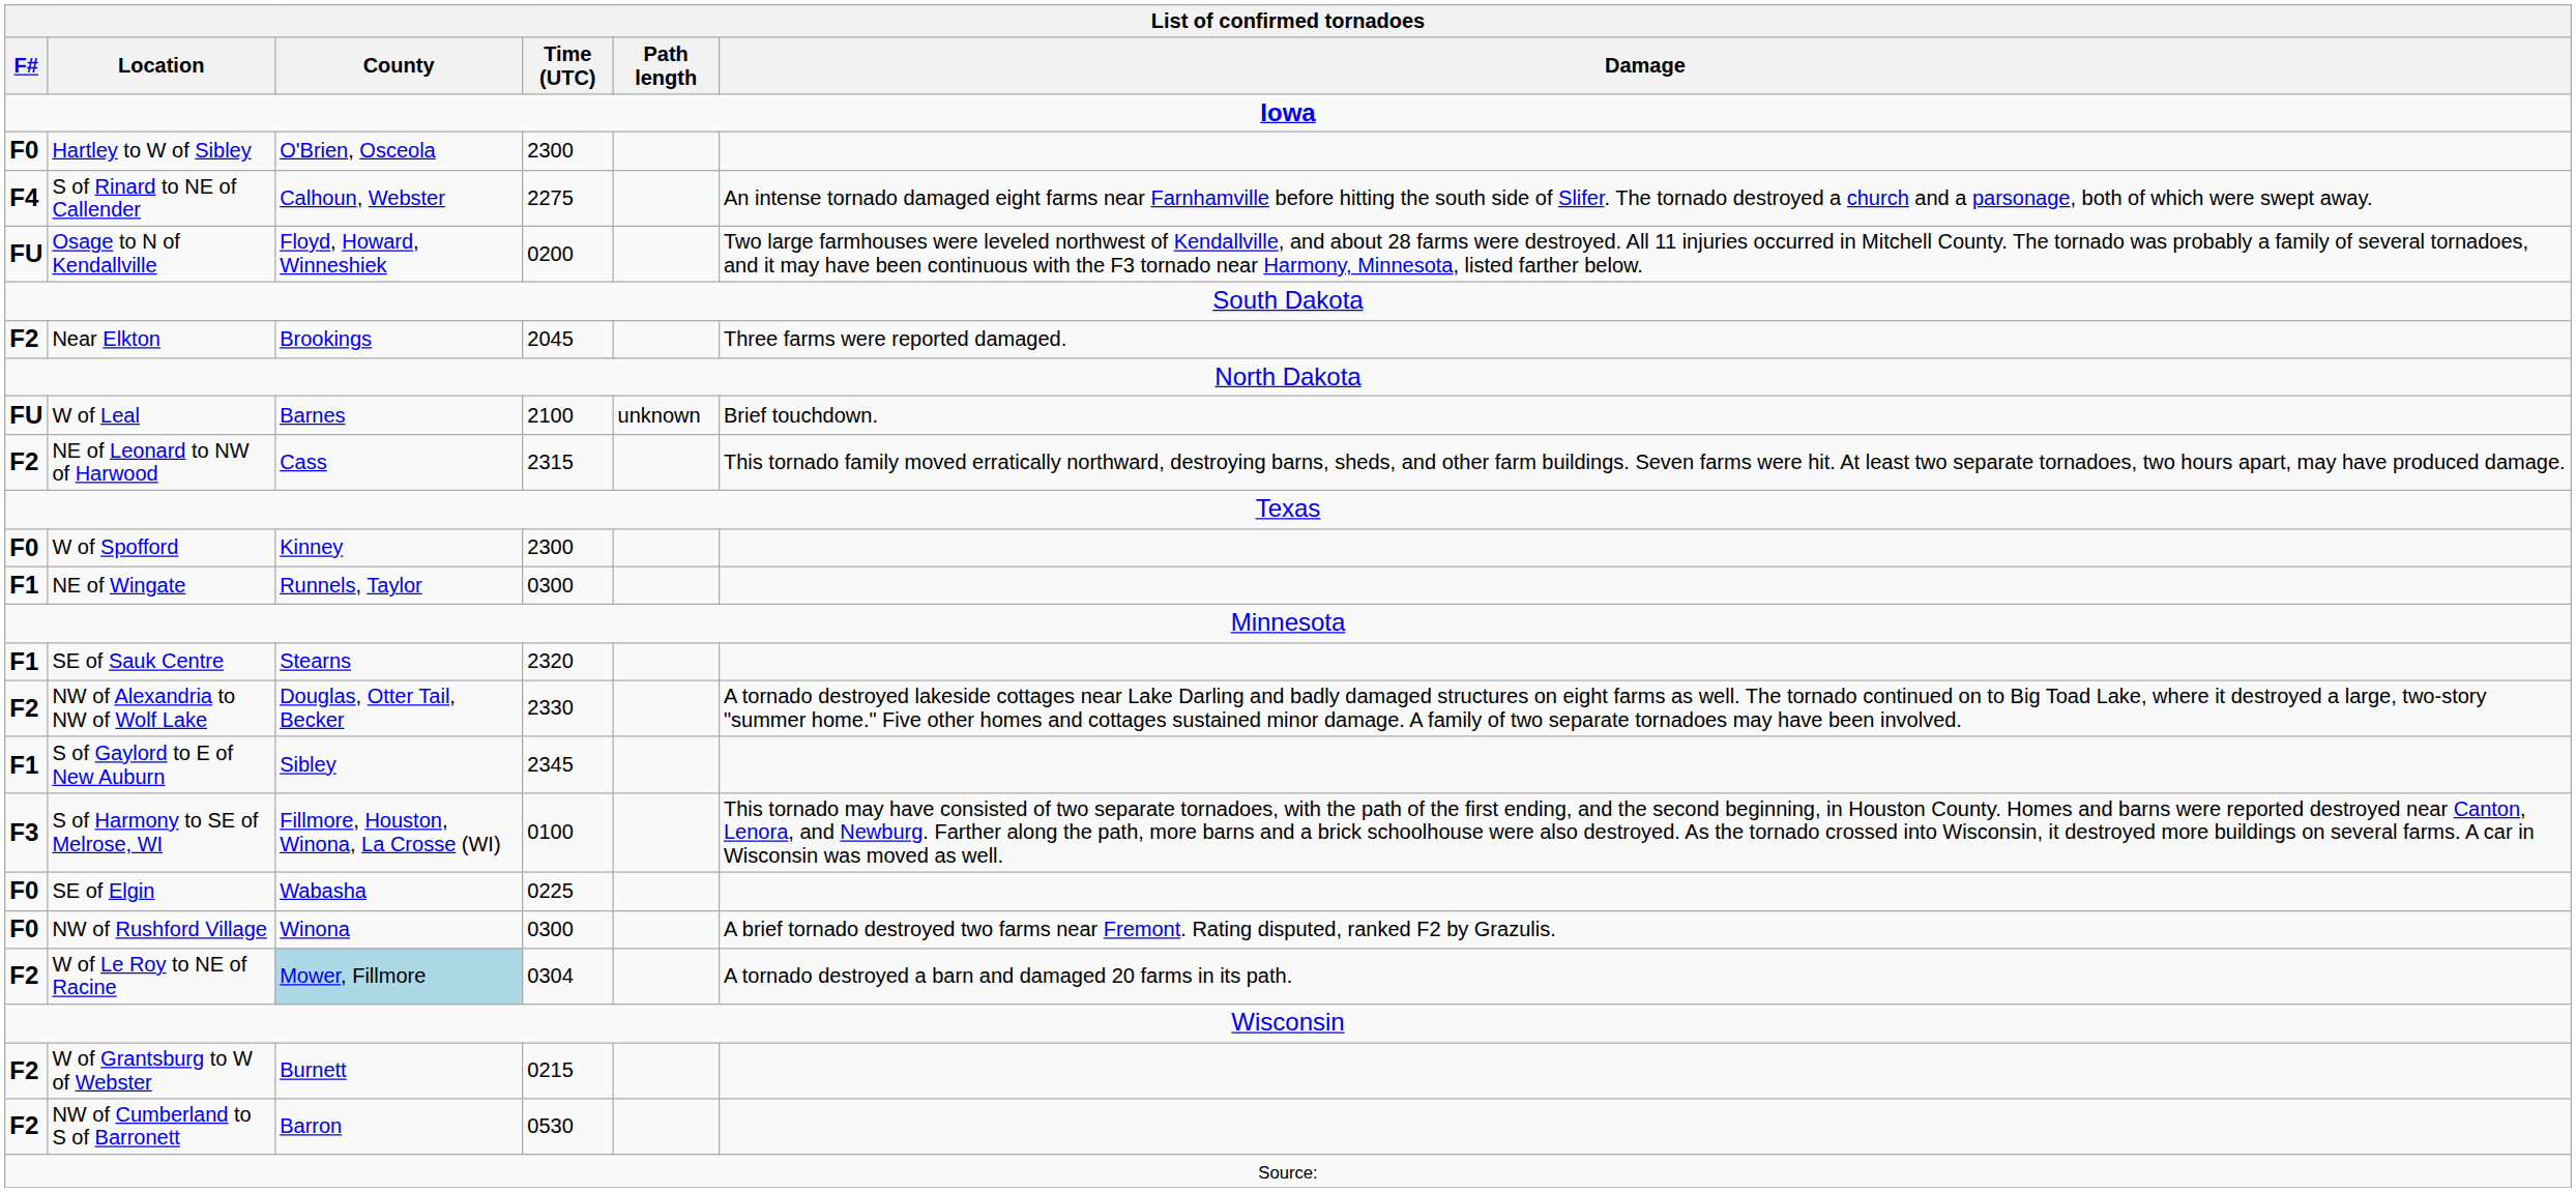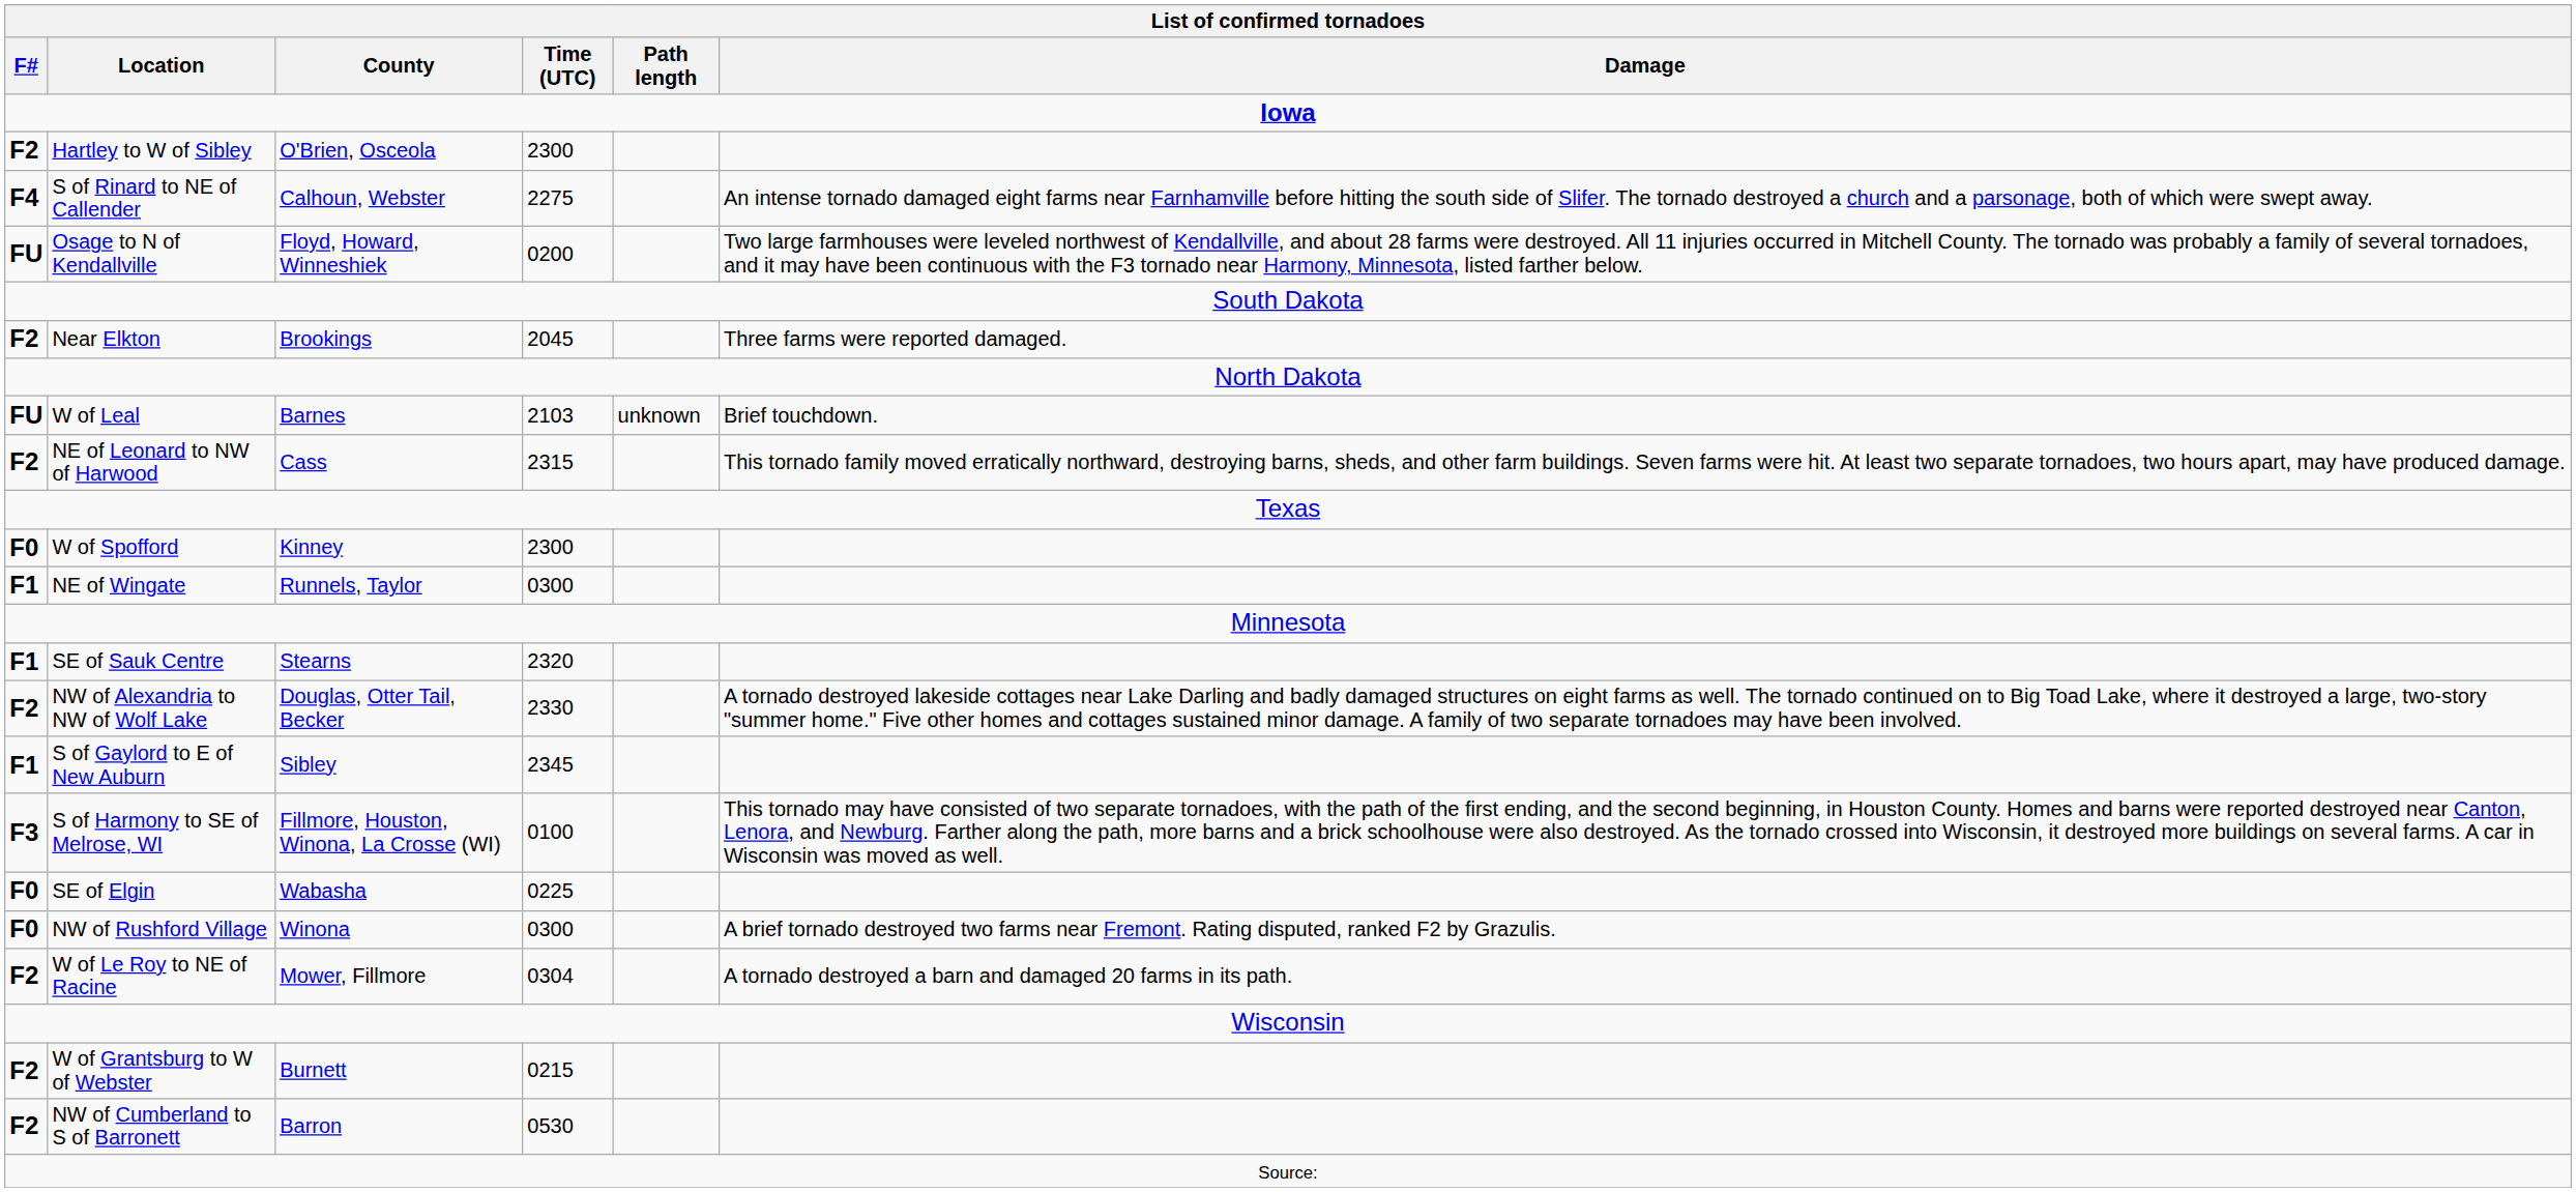 <table class="wikitable collapsible" style="width:100%;">
 <tr>
 <th colspan="6">List of confirmed tornadoes</th>
 </tr>
 <tr>
 <th><a href='#'>F#</a></th>
 <th>Location</th>
 <th>County</th>
 <th>Time (UTC)</th>
 <th>Path length</th>
 <th>Damage</th>
 </tr>
 <tr>
 <td colspan="7" style="text-align:center;"><big><strong><a href='#'>Iowa</a></strong></big></td>
 </tr>
 <tr>
-<td><big><strong>F0</strong></big></td>
+<td><big><strong>F2</strong></big></td>
 <td><a href='#'>Hartley</a> to W of <a href='#'>Sibley</a></td>
 <td><a href='#'>O'Brien</a>, <a href='#'>Osceola</a></td>
 <td>2300</td>
 <td></td>
 <td></td>
 </tr>
 <tr>
 <td><big><strong>F4</strong></big></td>
 <td>S of <a href='#'>Rinard</a> to NE of <a href='#'>Callender</a></td>
 <td><a href='#'>Calhoun</a>, <a href='#'>Webster</a></td>
 <td>2275</td>
 <td></td>
 <td>An intense tornado damaged eight farms near <a href='#'>Farnhamville</a> before hitting the south side of <a href='#'>Slifer</a>. The tornado destroyed a <a href='#'>church</a> and a <a href='#'>parsonage</a>, both of which were swept away.</td>
 </tr>
 <tr>
 <td><big><strong>FU</strong></big></td>
 <td><a href='#'>Osage</a> to N of <a href='#'>Kendallville</a></td>
 <td><a href='#'>Floyd</a>, <a href='#'>Howard</a>, <a href='#'>Winneshiek</a></td>
 <td>0200</td>
 <td></td>
 <td>Two large farmhouses were leveled  northwest of <a href='#'>Kendallville</a>, and about 28 farms were destroyed. All 11 injuries occurred in Mitchell County. The tornado was probably a family of several tornadoes, and it may have been continuous with the F3 tornado near <a href='#'>Harmony, Minnesota</a>, listed farther below.</td>
 </tr>
 <tr>
 <td colspan="7" style="text-align:center;"><big><a href='#'>South Dakota</a></big></td>
 </tr>
 <tr>
 <td><big><strong>F2</strong></big></td>
 <td>Near <a href='#'>Elkton</a></td>
 <td><a href='#'>Brookings</a></td>
 <td>2045</td>
 <td></td>
 <td>Three farms were reported damaged.</td>
 </tr>
 <tr>
 <td colspan="7" style="text-align:center;"><big><a href='#'>North Dakota</a></big></td>
 </tr>
 <tr>
 <td><big><strong>FU</strong></big></td>
 <td>W of <a href='#'>Leal</a></td>
 <td><a href='#'>Barnes</a></td>
-<td>2100</td>
+<td>2103</td>
 <td>unknown</td>
 <td>Brief touchdown.</td>
 </tr>
 <tr>
 <td><big><strong>F2</strong></big></td>
 <td>NE of <a href='#'>Leonard</a> to NW of <a href='#'>Harwood</a></td>
 <td><a href='#'>Cass</a></td>
 <td>2315</td>
 <td></td>
 <td>This tornado family moved erratically northward, destroying barns, sheds, and other farm buildings. Seven farms were hit. At least two separate tornadoes, two hours apart, may have produced damage.</td>
 </tr>
 <tr>
 <td colspan="7" style="text-align:center;"><big><a href='#'>Texas</a></big></td>
 </tr>
 <tr>
 <td><big><strong>F0</strong></big></td>
 <td>W of <a href='#'>Spofford</a></td>
 <td><a href='#'>Kinney</a></td>
 <td>2300</td>
 <td></td>
 <td></td>
 </tr>
 <tr>
 <td><big><strong>F1</strong></big></td>
 <td>NE of <a href='#'>Wingate</a></td>
 <td><a href='#'>Runnels</a>, <a href='#'>Taylor</a></td>
 <td>0300</td>
 <td></td>
 <td></td>
 </tr>
 <tr>
 <td colspan="7" style="text-align:center;"><big><a href='#'>Minnesota</a></big></td>
 </tr>
 <tr>
 <td><big><strong>F1</strong></big></td>
 <td>SE of <a href='#'>Sauk Centre</a></td>
 <td><a href='#'>Stearns</a></td>
 <td>2320</td>
 <td></td>
 <td></td>
 </tr>
 <tr>
 <td><big><strong>F2</strong></big></td>
 <td>NW of <a href='#'>Alexandria</a> to NW of <a href='#'>Wolf Lake</a></td>
 <td><a href='#'>Douglas</a>, <a href='#'>Otter Tail</a>, <a href='#'>Becker</a></td>
 <td>2330</td>
 <td></td>
 <td>A tornado destroyed lakeside cottages near Lake Darling and badly damaged structures on eight farms as well. The tornado continued on to Big Toad Lake, where it destroyed a large, two-story "summer home." Five other homes and cottages sustained minor damage. A family of two separate tornadoes may have been involved.</td>
 </tr>
 <tr>
 <td><big><strong>F1</strong></big></td>
 <td>S of <a href='#'>Gaylord</a> to E of <a href='#'>New Auburn</a></td>
 <td><a href='#'>Sibley</a></td>
 <td>2345</td>
 <td></td>
 <td></td>
 </tr>
 <tr>
 <td><big><strong>F3</strong></big></td>
 <td>S of <a href='#'>Harmony</a> to SE of <a href='#'>Melrose, WI</a></td>
 <td><a href='#'>Fillmore</a>, <a href='#'>Houston</a>, <a href='#'>Winona</a>, <a href='#'>La Crosse</a> (WI)</td>
 <td>0100</td>
 <td></td>
 <td>This tornado may have consisted of two separate tornadoes, with the path of the first ending, and the second beginning, in Houston County. Homes and barns were reported destroyed near <a href='#'>Canton</a>, <a href='#'>Lenora</a>, and <a href='#'>Newburg</a>. Farther along the path, more barns and a brick schoolhouse were also destroyed. As the tornado crossed into Wisconsin, it destroyed more buildings on several farms. A car in Wisconsin was moved  as well.</td>
 </tr>
 <tr>
 <td><big><strong>F0</strong></big></td>
 <td>SE of <a href='#'>Elgin</a></td>
 <td><a href='#'>Wabasha</a></td>
 <td>0225</td>
 <td></td>
 <td></td>
 </tr>
 <tr>
 <td><big><strong>F0</strong></big></td>
 <td>NW of <a href='#'>Rushford Village</a></td>
 <td><a href='#'>Winona</a></td>
 <td>0300</td>
 <td></td>
 <td>A brief tornado destroyed two farms near <a href='#'>Fremont</a>. Rating disputed, ranked F2 by Grazulis.</td>
 </tr>
 <tr>
 <td><big><strong>F2</strong></big></td>
 <td>W of <a href='#'>Le Roy</a> to NE of <a href='#'>Racine</a></td>
-<td style="background: lightblue;"><a href='#'>Mower</a>, Fillmore</td>
+<td><a href='#'>Mower</a>, Fillmore</td>
 <td>0304</td>
 <td></td>
 <td>A tornado destroyed a barn and damaged 20 farms in its path.</td>
 </tr>
 <tr>
 <td colspan="7" style="text-align:center;"><big><a href='#'>Wisconsin</a></big></td>
 </tr>
 <tr>
 <td><big><strong>F2</strong></big></td>
 <td>W of <a href='#'>Grantsburg</a> to W of <a href='#'>Webster</a></td>
 <td><a href='#'>Burnett</a></td>
 <td>0215</td>
 <td></td>
 <td></td>
 </tr>
 <tr>
 <td><big><strong>F2</strong></big></td>
 <td>NW of <a href='#'>Cumberland</a> to S of <a href='#'>Barronett</a></td>
 <td><a href='#'>Barron</a></td>
 <td>0530</td>
 <td></td>
 <td></td>
 </tr>
 <tr>
 <td colspan="7" align=center><small>Source: </small></td>
 </tr>
 <tr>
 </tr>
 </table>
